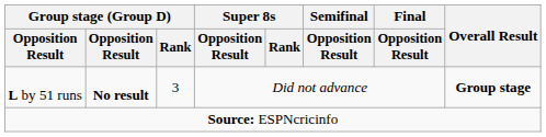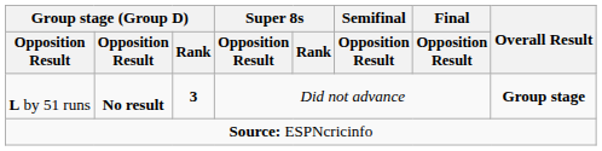 <table class=wikitable style=font-size:90%;text-align:center>
 <tr>
 <th colspan=3>Group stage (Group D)</th>
 <th colspan=2>Super 8s</th>
 <th>Semifinal</th>
 <th>Final</th>
 <th rowspan=2>Overall Result</th>
 </tr>
 <tr style=font-size:95%>
 <th>Opposition<br>Result</th>
 <th>Opposition<br>Result</th>
 <th>Rank</th>
 <th>Opposition<br>Result</th>
 <th>Rank</th>
 <th>Opposition<br>Result</th>
 <th>Opposition<br>Result</th>
 </tr>
 <tr>
 <td><br><strong>L</strong> by 51 runs</td>
 <td><br><strong>No result</strong></td>
-<td>3</td>
+<td><strong>3</strong></td>
 <td colspan="4"><em>Did not advance</em></td>
 <td><strong>Group stage</strong></td>
 </tr>
 <tr>
 <td colspan="11"><strong>Source:</strong> ESPNcricinfo</td>
 </tr>
 </table>
